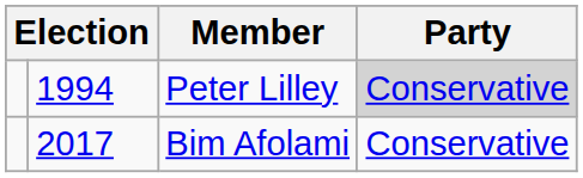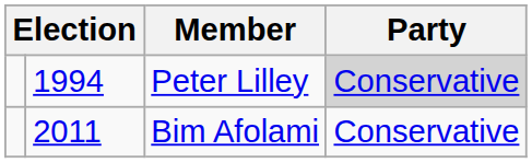 <table class="wikitable">
 <tr>
 <th colspan="2">Election</th>
 <th>Member</th>
 <th>Party</th>
 </tr>
 <tr>
 <td style="color:inherit;background-color: "></td>
 <td><a href='#'>1994</a></td>
 <td><a href='#'>Peter Lilley</a></td>
 <td style="background: lightgrey;"><a href='#'>Conservative</a></td>
 </tr>
 <tr>
 <td style="color:inherit;background-color: "></td>
-<td><a href='#'>2017</a></td>
+<td><a href='#'>2011</a></td>
 <td><a href='#'>Bim Afolami</a></td>
 <td><a href='#'>Conservative</a></td>
 </tr>
 </table>
